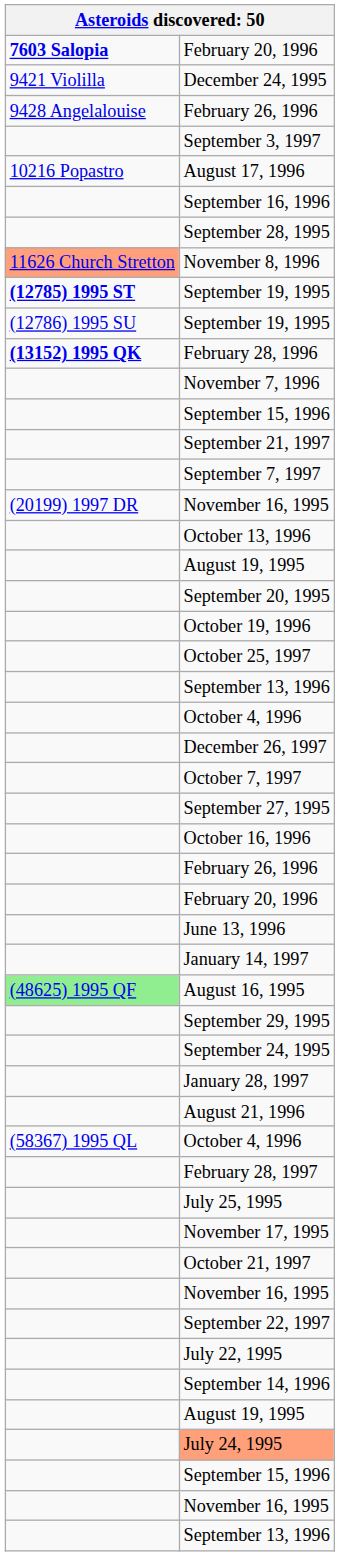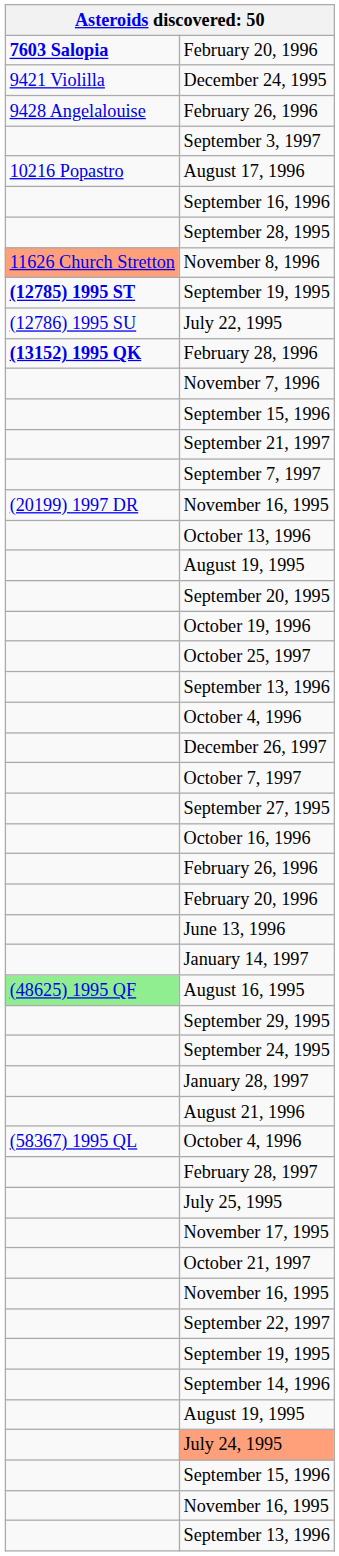 <table class="wikitable collapsible" align="right" style="margin: 1em; margin-top: 0; font-size:89%">
 <tr>
 <th colspan="2" style="white-space: nowrap;"><a href='#'>Asteroids</a> discovered: 50</th>
 </tr>
 <tr>
 <td><strong><a href='#'>7603 Salopia</a></strong></td>
 <td>February 20, 1996</td>
 </tr>
 <tr>
 <td><a href='#'>9421 Violilla</a></td>
 <td>December 24, 1995</td>
 </tr>
 <tr>
 <td><a href='#'>9428 Angelalouise</a></td>
 <td>February 26, 1996</td>
 </tr>
 <tr>
 <td></td>
 <td>September 3, 1997</td>
 </tr>
 <tr>
 <td><a href='#'>10216 Popastro</a></td>
 <td>August 17, 1996</td>
 </tr>
 <tr>
 <td></td>
 <td>September 16, 1996</td>
 </tr>
 <tr>
 <td></td>
 <td>September 28, 1995</td>
 </tr>
 <tr>
 <td style="background: lightsalmon;"><a href='#'>11626 Church Stretton</a></td>
 <td>November 8, 1996</td>
 </tr>
 <tr>
 <td><strong><a href='#'>(12785) 1995 ST</a></strong></td>
 <td>September 19, 1995</td>
 </tr>
 <tr>
 <td><a href='#'>(12786) 1995 SU</a></td>
-<td>September 19, 1995</td>
+<td>July 22, 1995</td>
 </tr>
 <tr>
 <td><strong><a href='#'>(13152) 1995 QK</a></strong></td>
 <td>February 28, 1996</td>
 </tr>
 <tr>
 <td></td>
 <td>November 7, 1996</td>
 </tr>
 <tr>
 <td></td>
 <td>September 15, 1996</td>
 </tr>
 <tr>
 <td></td>
 <td>September 21, 1997</td>
 </tr>
 <tr>
 <td></td>
 <td>September 7, 1997</td>
 </tr>
 <tr>
 <td><a href='#'>(20199) 1997 DR</a></td>
 <td>November 16, 1995</td>
 </tr>
 <tr>
 <td></td>
 <td>October 13, 1996</td>
 </tr>
 <tr>
 <td></td>
 <td>August 19, 1995</td>
 </tr>
 <tr>
 <td></td>
 <td>September 20, 1995</td>
 </tr>
 <tr>
 <td></td>
 <td>October 19, 1996</td>
 </tr>
 <tr>
 <td></td>
 <td>October 25, 1997</td>
 </tr>
 <tr>
 <td></td>
 <td>September 13, 1996</td>
 </tr>
 <tr>
 <td></td>
 <td>October 4, 1996</td>
 </tr>
 <tr>
 <td></td>
 <td>December 26, 1997</td>
 </tr>
 <tr>
 <td></td>
 <td>October 7, 1997</td>
 </tr>
 <tr>
 <td></td>
 <td>September 27, 1995</td>
 </tr>
 <tr>
 <td></td>
 <td>October 16, 1996</td>
 </tr>
 <tr>
 <td></td>
 <td>February 26, 1996</td>
 </tr>
 <tr>
 <td></td>
 <td>February 20, 1996</td>
 </tr>
 <tr>
 <td></td>
 <td>June 13, 1996</td>
 </tr>
 <tr>
 <td></td>
 <td>January 14, 1997</td>
 </tr>
 <tr>
 <td style="background: lightgreen;"><a href='#'>(48625) 1995 QF</a></td>
 <td>August 16, 1995</td>
 </tr>
 <tr>
 <td></td>
 <td>September 29, 1995</td>
 </tr>
 <tr>
 <td></td>
 <td>September 24, 1995</td>
 </tr>
 <tr>
 <td></td>
 <td>January 28, 1997</td>
 </tr>
 <tr>
 <td></td>
 <td>August 21, 1996</td>
 </tr>
 <tr>
 <td><a href='#'>(58367) 1995 QL</a></td>
 <td>October 4, 1996</td>
 </tr>
 <tr>
 <td></td>
 <td>February 28, 1997</td>
 </tr>
 <tr>
 <td></td>
 <td>July 25, 1995</td>
 </tr>
 <tr>
 <td></td>
 <td>November 17, 1995</td>
 </tr>
 <tr>
 <td></td>
 <td>October 21, 1997</td>
 </tr>
 <tr>
 <td></td>
 <td>November 16, 1995</td>
 </tr>
 <tr>
 <td></td>
 <td>September 22, 1997</td>
 </tr>
 <tr>
 <td></td>
-<td>July 22, 1995</td>
+<td>September 19, 1995</td>
 </tr>
 <tr>
 <td></td>
 <td>September 14, 1996</td>
 </tr>
 <tr>
 <td></td>
 <td>August 19, 1995</td>
 </tr>
 <tr>
 <td></td>
 <td style="background: lightsalmon;">July 24, 1995</td>
 </tr>
 <tr>
 <td></td>
 <td>September 15, 1996</td>
 </tr>
 <tr>
 <td></td>
 <td>November 16, 1995</td>
 </tr>
 <tr>
 <td></td>
 <td>September 13, 1996</td>
 </tr>
 </table>
